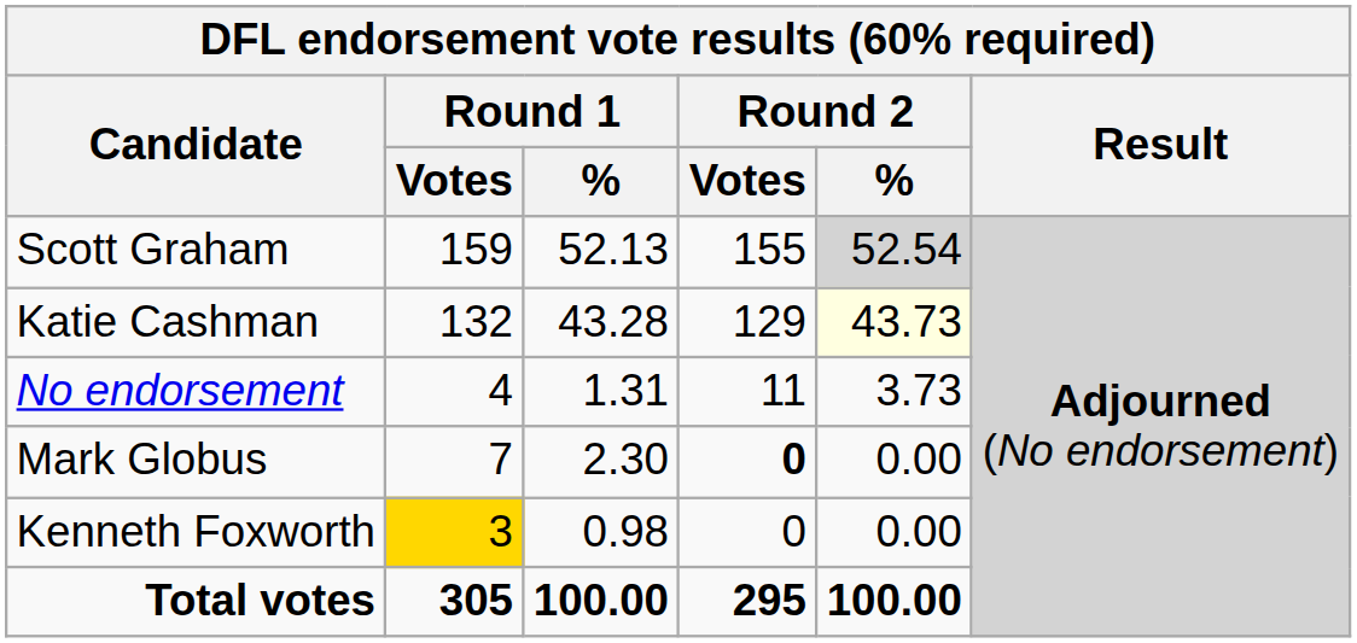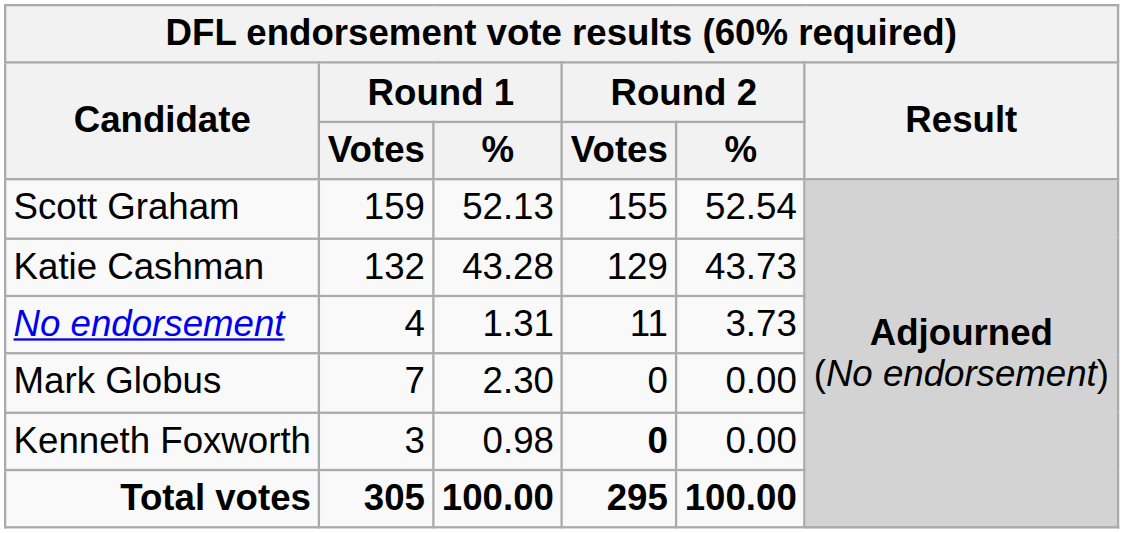 <table class="wikitable">
 <tr>
 <th colspan="18">DFL endorsement vote results (60% required)</th>
 </tr>
 <tr>
 <th rowspan="2">Candidate</th>
 <th colspan="2">Round 1</th>
 <th colspan="2">Round 2</th>
 <th colspan="2" rowspan="2">Result</th>
 </tr>
 <tr>
 <th>Votes</th>
 <th>%</th>
 <th>Votes</th>
 <th>%</th>
 </tr>
 <tr align=right>
 <td align=left>Scott Graham</td>
 <td>159</td>
 <td>52.13</td>
 <td>155</td>
-<td style="background: lightgrey;">52.54</td>
+<td>52.54</td>
 <td rowspan = "7" colspan="2" bgcolor=lightgray align=center><strong>Adjourned</strong><br>(<em>No endorsement</em>)</td>
 </tr>
 <tr align=right>
 <td align=left>Katie Cashman</td>
 <td>132</td>
 <td>43.28</td>
 <td>129</td>
-<td style="background: lightyellow;">43.73</td>
+<td>43.73</td>
 </tr>
 <tr align=right>
 <td align=left><em><a href='#'>No endorsement</a></em></td>
 <td>4</td>
 <td>1.31</td>
 <td>11</td>
 <td>3.73</td>
 </tr>
 <tr align=right>
 <td align=left>Mark Globus</td>
 <td>7</td>
 <td>2.30</td>
-<td><strong>0</strong></td>
+<td>0</td>
 <td>0.00</td>
 </tr>
 <tr align=right>
 <td align=left>Kenneth Foxworth</td>
-<td style="background: gold;">3</td>
+<td>3</td>
 <td>0.98</td>
-<td>0</td>
+<td><strong>0</strong></td>
 <td>0.00</td>
 </tr>
 <tr align="right">
 <td align="right"><strong>Total votes</strong></td>
 <td><strong>305</strong></td>
 <td><strong>100.00</strong></td>
 <td><strong>295</strong></td>
 <td><strong>100.00</strong></td>
 </tr>
 </table>
